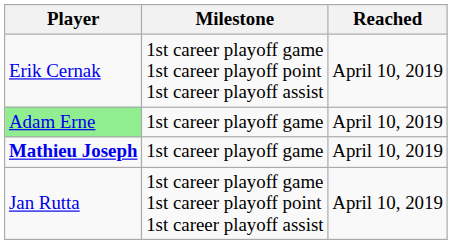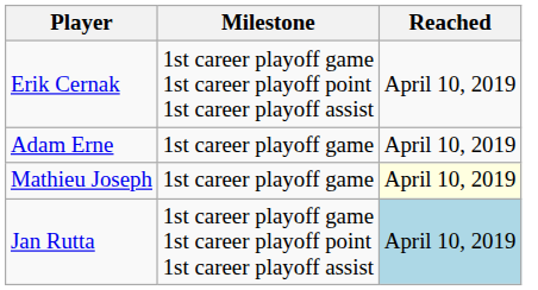 <table class="wikitable sortable">
 <tr align=center>
 <th>Player</th>
 <th>Milestone</th>
 <th data-sort-type="date">Reached</th>
 </tr>
 <tr>
 <td><a href='#'>Erik Cernak</a></td>
 <td>1st career playoff game<br>1st career playoff point<br>1st career playoff assist</td>
 <td>April 10, 2019</td>
 </tr>
 <tr>
-<td style="background: lightgreen;"><a href='#'>Adam Erne</a></td>
+<td><a href='#'>Adam Erne</a></td>
 <td>1st career playoff game</td>
 <td>April 10, 2019</td>
 </tr>
 <tr>
-<td><strong><a href='#'>Mathieu Joseph</a></strong></td>
+<td><a href='#'>Mathieu Joseph</a></td>
 <td>1st career playoff game</td>
-<td>April 10, 2019</td>
+<td style="background: lightyellow;">April 10, 2019</td>
 </tr>
 <tr>
 <td><a href='#'>Jan Rutta</a></td>
 <td>1st career playoff game<br>1st career playoff point<br>1st career playoff assist</td>
-<td>April 10, 2019</td>
+<td style="background: lightblue;">April 10, 2019</td>
 </tr>
 </table>
